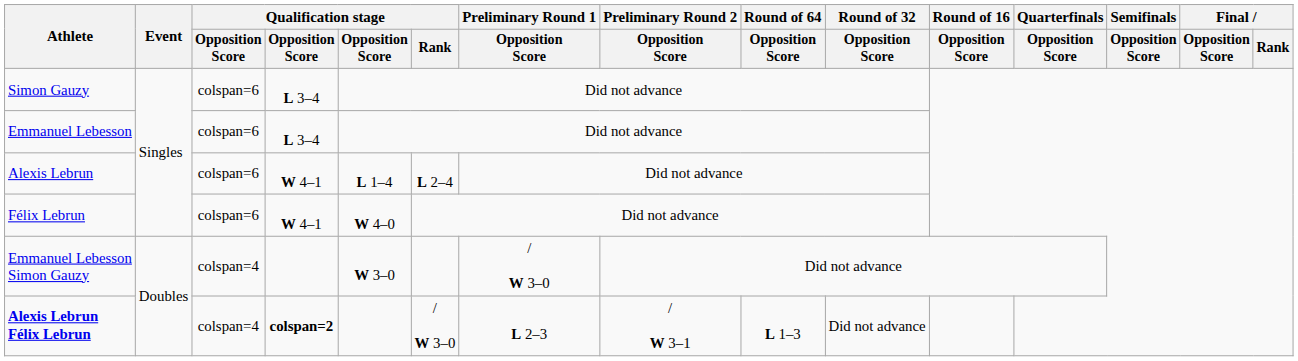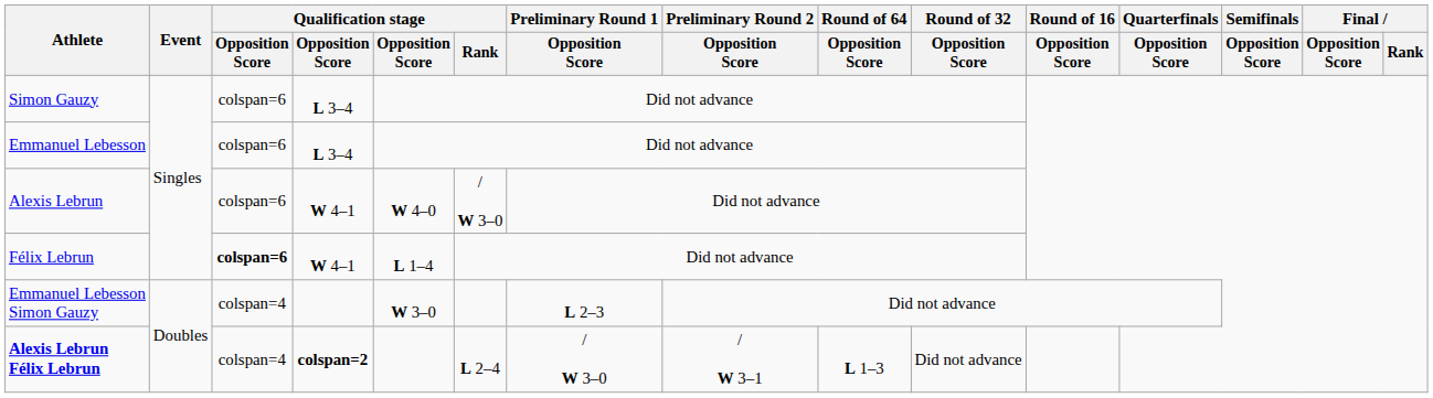 <table class=wikitable style=font-size:90%;text-align:center>
 <tr>
 <th rowspan=2>Athlete</th>
 <th rowspan=2>Event</th>
 <th colspan=4>Qualification stage</th>
 <th>Preliminary Round 1</th>
 <th>Preliminary Round 2</th>
 <th>Round of 64</th>
 <th>Round of 32</th>
 <th>Round of 16</th>
 <th>Quarterfinals</th>
 <th>Semifinals</th>
 <th colspan=2>Final / </th>
 </tr>
 <tr style=font-size:95%>
 <th>Opposition<br>Score</th>
 <th>Opposition<br>Score</th>
 <th>Opposition<br>Score</th>
 <th>Rank</th>
 <th>Opposition<br>Score</th>
 <th>Opposition<br>Score</th>
 <th>Opposition<br>Score</th>
 <th>Opposition<br>Score</th>
 <th>Opposition<br>Score</th>
 <th>Opposition<br>Score</th>
 <th>Opposition<br>Score</th>
 <th>Opposition<br>Score</th>
 <th>Rank</th>
 </tr>
 <tr align=center>
 <td align=left><a href='#'>Simon Gauzy</a></td>
 <td align=left rowspan=4>Singles</td>
 <td>colspan=6</td>
 <td><br><strong>L</strong> 3–4</td>
 <td colspan=6>Did not advance</td>
 </tr>
 <tr align=center>
 <td align=left><a href='#'>Emmanuel Lebesson</a></td>
 <td>colspan=6</td>
 <td><br><strong>L</strong> 3–4</td>
 <td colspan=6>Did not advance</td>
 </tr>
 <tr align=center>
 <td align=left><a href='#'>Alexis Lebrun</a></td>
 <td>colspan=6</td>
 <td><br><strong>W</strong> 4–1</td>
-<td><br><strong>L</strong> 1–4</td>
-<td><br><strong>L</strong> 2–4</td>
+<td><br><strong>W</strong> 4–0</td>
+<td> /<br><br><strong>W</strong> 3–0</td>
 <td colspan=4>Did not advance</td>
 </tr>
 <tr align=center>
 <td align=left><a href='#'>Félix Lebrun</a></td>
-<td>colspan=6</td>
+<td><strong>colspan=6</strong></td>
 <td><br><strong>W</strong> 4–1</td>
-<td><br><strong>W</strong> 4–0</td>
+<td><br><strong>L</strong> 1–4</td>
 <td colspan=5>Did not advance</td>
 </tr>
 <tr align=center>
 <td align=left><a href='#'>Emmanuel Lebesson</a><br><a href='#'>Simon Gauzy</a></td>
 <td align=left rowspan=2>Doubles</td>
 <td>colspan=4</td>
 <td></td>
 <td><br><strong>W</strong> 3–0</td>
 <td></td>
-<td> /<br><br><strong>W</strong> 3–0</td>
+<td><br><strong>L</strong> 2–3</td>
 <td colspan=5>Did not advance</td>
 </tr>
 <tr align=center>
 <td align=left><strong><a href='#'>Alexis Lebrun</a><br><a href='#'>Félix Lebrun</a></strong></td>
 <td>colspan=4</td>
 <td><strong>colspan=2</strong></td>
 <td></td>
+<td><br><strong>L</strong> 2–4</td>
 <td> /<br><br><strong>W</strong> 3–0</td>
-<td><br><strong>L</strong> 2–3</td>
 <td> /<br><br><strong>W</strong> 3–1</td>
 <td><br><strong>L</strong> 1–3</td>
 <td>Did not advance</td>
 <td></td>
 </tr>
 </table>
